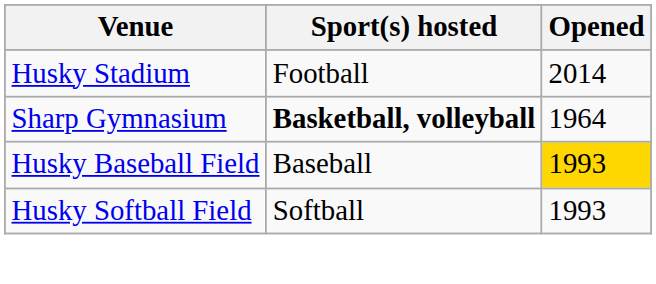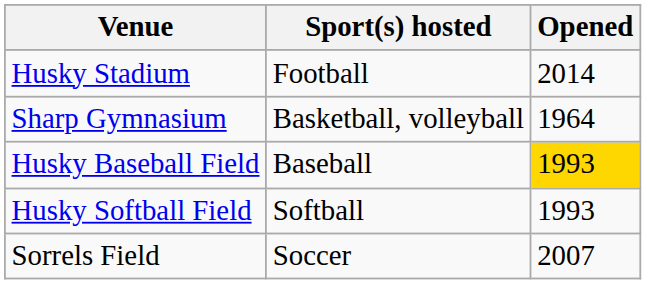 <table class="wikitable"; style= "text-align: ">
 <tr>
 <th width=px>Venue</th>
 <th width=px>Sport(s) hosted</th>
 <th width=px>Opened</th>
 </tr>
 <tr>
 <td><a href='#'>Husky Stadium</a></td>
 <td>Football</td>
 <td>2014</td>
 </tr>
 <tr>
 <td><a href='#'>Sharp Gymnasium</a></td>
-<td><strong>Basketball, volleyball</strong></td>
+<td>Basketball, volleyball</td>
 <td>1964</td>
 </tr>
 <tr>
 <td><a href='#'>Husky Baseball Field</a></td>
 <td>Baseball</td>
 <td style="background: gold;">1993</td>
 </tr>
 <tr>
 <td><a href='#'>Husky Softball Field</a></td>
 <td>Softball</td>
 <td>1993</td>
 </tr>
+<tr>
+<td>Sorrels Field</td>
+<td>Soccer</td>
+<td>2007</td>
+</tr>
 </table>
